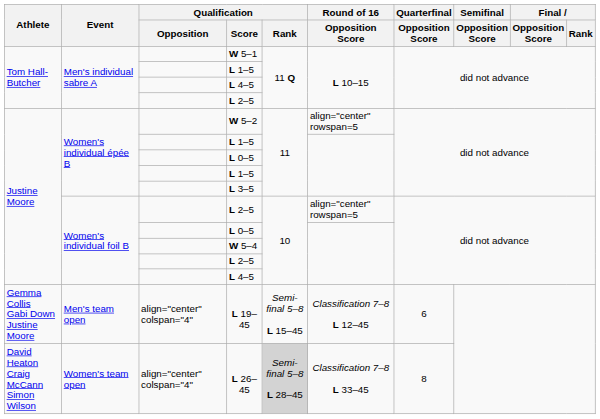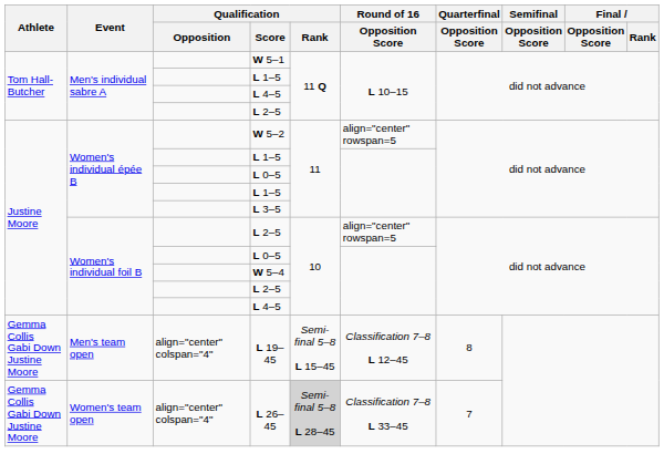 <table class=wikitable style="font-size:90%">
 <tr>
 <th rowspan="2">Athlete</th>
 <th rowspan="2">Event</th>
 <th colspan="3">Qualification</th>
 <th>Round of 16</th>
 <th>Quarterfinal</th>
 <th>Semifinal</th>
 <th colspan="2">Final / </th>
 </tr>
 <tr>
 <th>Opposition</th>
 <th>Score</th>
 <th>Rank</th>
 <th>Opposition<br>Score</th>
 <th>Opposition<br>Score</th>
 <th>Opposition<br>Score</th>
 <th>Opposition<br>Score</th>
 <th>Rank</th>
 </tr>
 <tr>
 <td rowspan=4><a href='#'>Tom Hall-Butcher</a></td>
 <td rowspan=4><a href='#'>Men's individual sabre A</a></td>
 <td></td>
 <td><strong>W</strong> 5–1</td>
 <td align="center" rowspan=4>11 <strong>Q</strong></td>
 <td align="center" rowspan=4><br><strong>L</strong> 10–15</td>
 <td align="center" rowspan=4 colspan=4>did not advance</td>
 </tr>
 <tr>
 <td></td>
 <td><strong>L</strong> 1–5</td>
 </tr>
 <tr>
 <td></td>
 <td><strong>L</strong> 4–5</td>
 </tr>
 <tr>
 <td></td>
 <td><strong>L</strong> 2–5</td>
 </tr>
 <tr>
 <td rowspan=10><a href='#'>Justine Moore</a></td>
 <td rowspan=5><a href='#'>Women's individual épée B</a></td>
 <td></td>
 <td><strong>W</strong> 5–2</td>
 <td align="center" rowspan=5>11</td>
 <td>align="center" rowspan=5 </td>
 <td align="center" rowspan=5 colspan=4>did not advance</td>
 </tr>
 <tr>
 <td></td>
 <td><strong>L</strong> 1–5</td>
 </tr>
 <tr>
 <td></td>
 <td><strong>L</strong> 0–5</td>
 </tr>
 <tr>
 <td></td>
 <td><strong>L</strong> 1–5</td>
 </tr>
 <tr>
 <td></td>
 <td><strong>L</strong> 3–5</td>
 </tr>
 <tr>
 <td rowspan=5><a href='#'>Women's individual foil B</a></td>
 <td></td>
 <td><strong>L</strong> 2–5</td>
 <td align="center" rowspan=5>10</td>
 <td>align="center" rowspan=5 </td>
 <td align="center" rowspan=5 colspan=4>did not advance</td>
 </tr>
 <tr>
 <td></td>
 <td><strong>L</strong> 0–5</td>
 </tr>
 <tr>
 <td></td>
 <td><strong>W</strong> 5–4</td>
 </tr>
 <tr>
 <td></td>
 <td><strong>L</strong> 2–5</td>
 </tr>
 <tr>
 <td></td>
 <td><strong>L</strong> 4–5</td>
 </tr>
 <tr>
 <td><a href='#'>Gemma Collis</a><br><a href='#'>Gabi Down</a><br><a href='#'>Justine Moore</a></td>
 <td><a href='#'>Men's team open</a></td>
 <td>align="center" colspan="4" </td>
 <td align="center"><br><strong>L</strong> 19–45</td>
 <td align="center"><em>Semi-final 5–8</em><br><br><strong>L</strong> 15–45</td>
 <td align="center"><em>Classification 7–8</em><br><br><strong>L</strong> 12–45</td>
-<td align="center">6</td>
+<td align="center">8</td>
 </tr>
 <tr>
-<td><a href='#'>David Heaton</a><br><a href='#'>Craig McCann</a><br><a href='#'>Simon Wilson</a></td>
+<td><a href='#'>Gemma Collis</a><br><a href='#'>Gabi Down</a><br><a href='#'>Justine Moore</a></td>
 <td><a href='#'>Women's team open</a></td>
 <td>align="center" colspan="4" </td>
 <td align="center"><br><strong>L</strong> 26–45</td>
 <td align="center" style="background: lightgrey;"><em>Semi-final 5–8</em><br><br><strong>L</strong> 28–45</td>
 <td align="center"><em>Classification 7–8</em><br><br><strong>L</strong> 33–45</td>
-<td align="center">8</td>
+<td align="center">7</td>
 </tr>
 </table>
